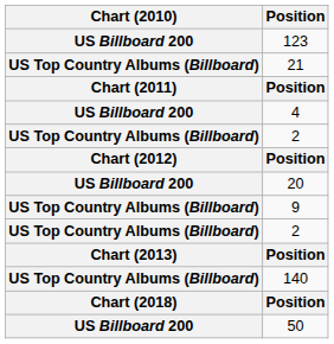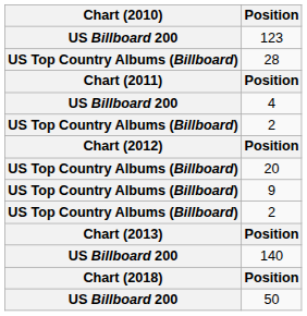 <table class="wikitable plainrowheaders" style="text-align:center">
 <tr>
 <th scope="col">Chart (2010)</th>
 <th scope="col">Position</th>
 </tr>
 <tr>
 <th scope="row">US <em>Billboard</em> 200</th>
 <td>123</td>
 </tr>
 <tr>
 <th scope="row">US Top Country Albums (<em>Billboard</em>)</th>
-<td>21</td>
+<td>28</td>
 </tr>
 <tr>
 <th scope="col">Chart (2011)</th>
 <th scope="col">Position</th>
 </tr>
 <tr>
 <th scope="row">US <em>Billboard</em> 200</th>
 <td>4</td>
 </tr>
 <tr>
 <th scope="row">US Top Country Albums (<em>Billboard</em>)</th>
 <td>2</td>
 </tr>
 <tr>
 <th scope="col">Chart (2012)</th>
 <th scope="col">Position</th>
 </tr>
 <tr>
-<th scope="row">US <em>Billboard</em> 200</th>
+<th scope="row">US Top Country Albums (<em>Billboard</em>)</th>
 <td>20</td>
 </tr>
 <tr>
 <th scope="row">US Top Country Albums (<em>Billboard</em>)</th>
 <td>9</td>
 </tr>
 <tr>
 <th scope="row">US Top Country Albums (<em>Billboard</em>)</th>
 <td>2</td>
 </tr>
 <tr>
 <th scope="col">Chart (2013)</th>
 <th scope="col">Position</th>
 </tr>
 <tr>
-<th scope="row">US Top Country Albums (<em>Billboard</em>)</th>
+<th scope="row">US <em>Billboard</em> 200</th>
 <td>140</td>
 </tr>
 <tr>
 <th scope="col">Chart (2018)</th>
 <th scope="col">Position</th>
 </tr>
 <tr>
 <th scope="row">US <em>Billboard</em> 200</th>
 <td>50</td>
 </tr>
 </table>
